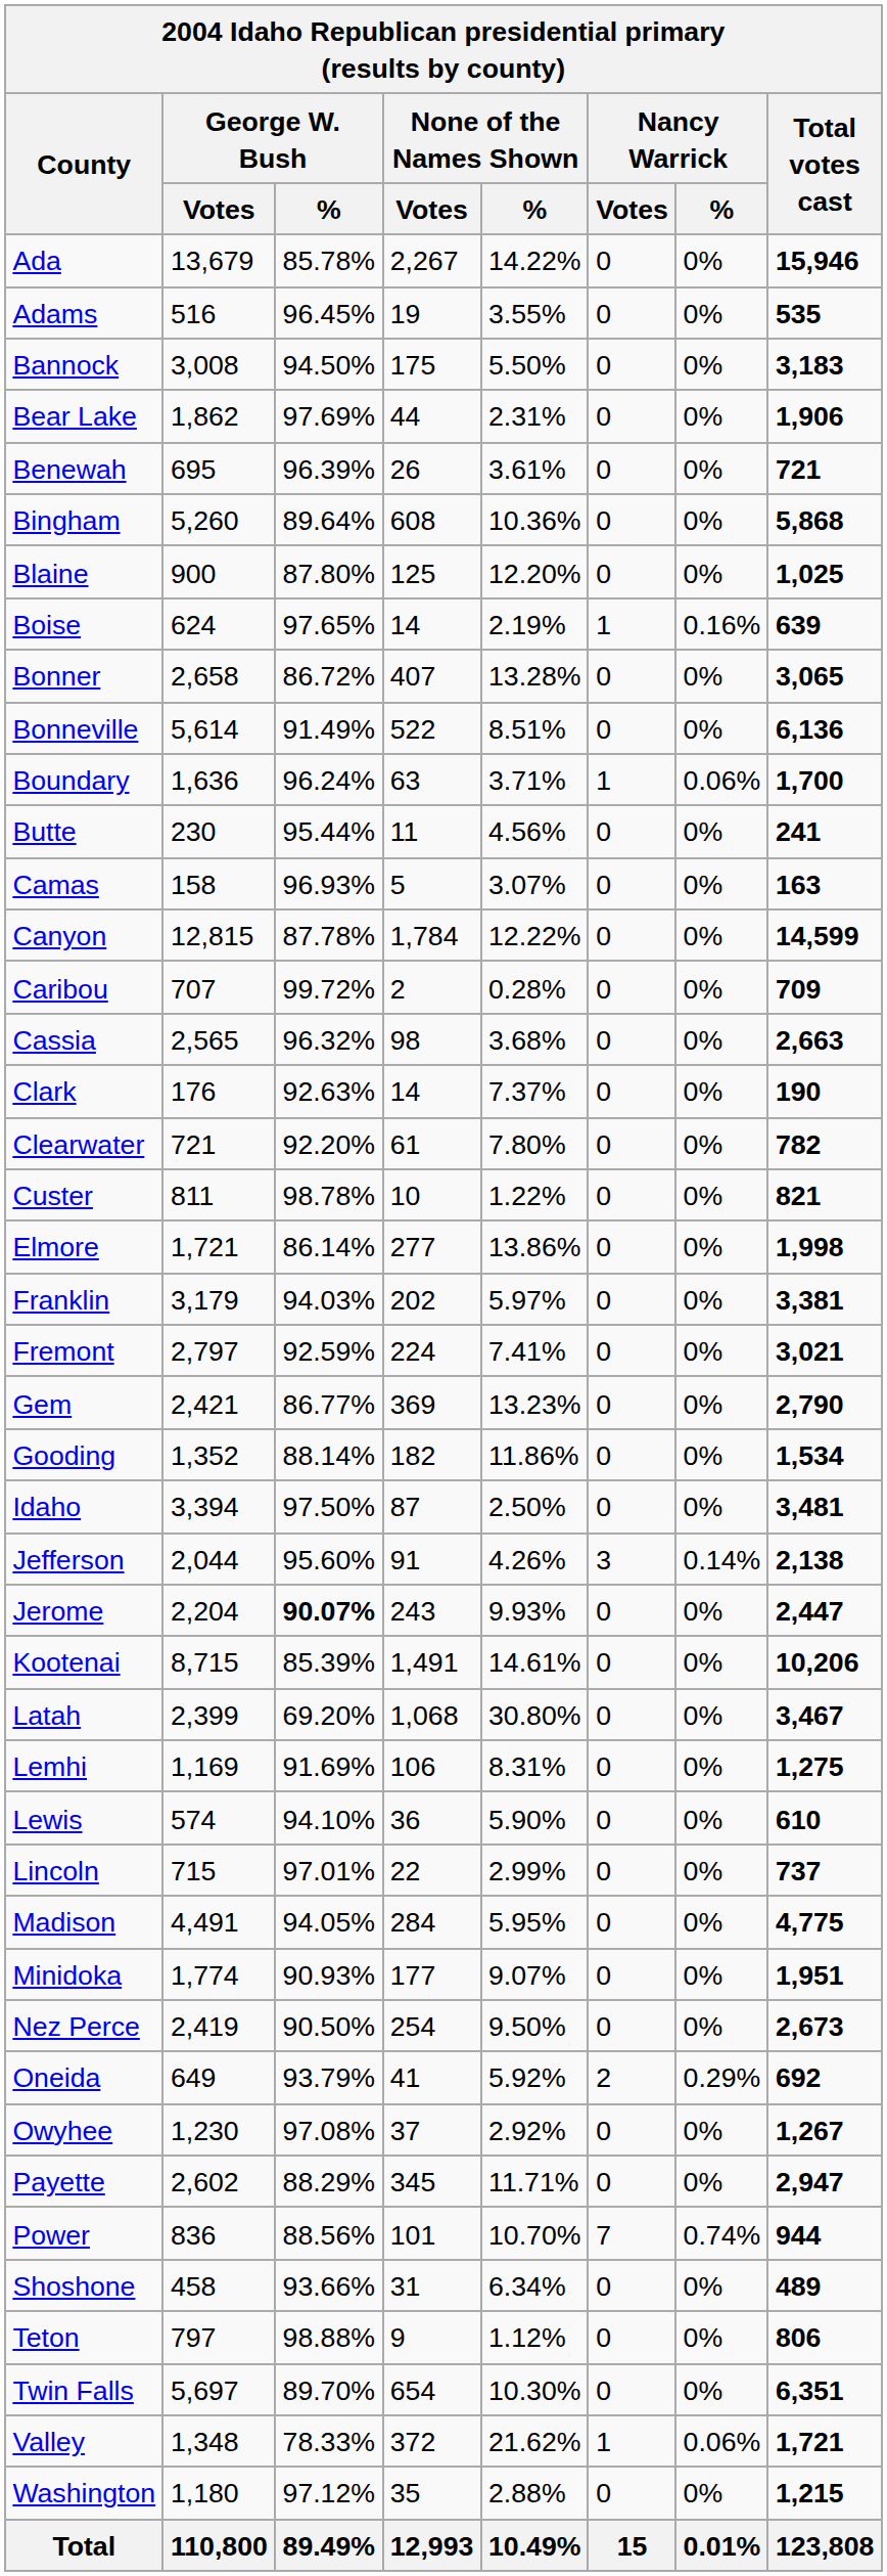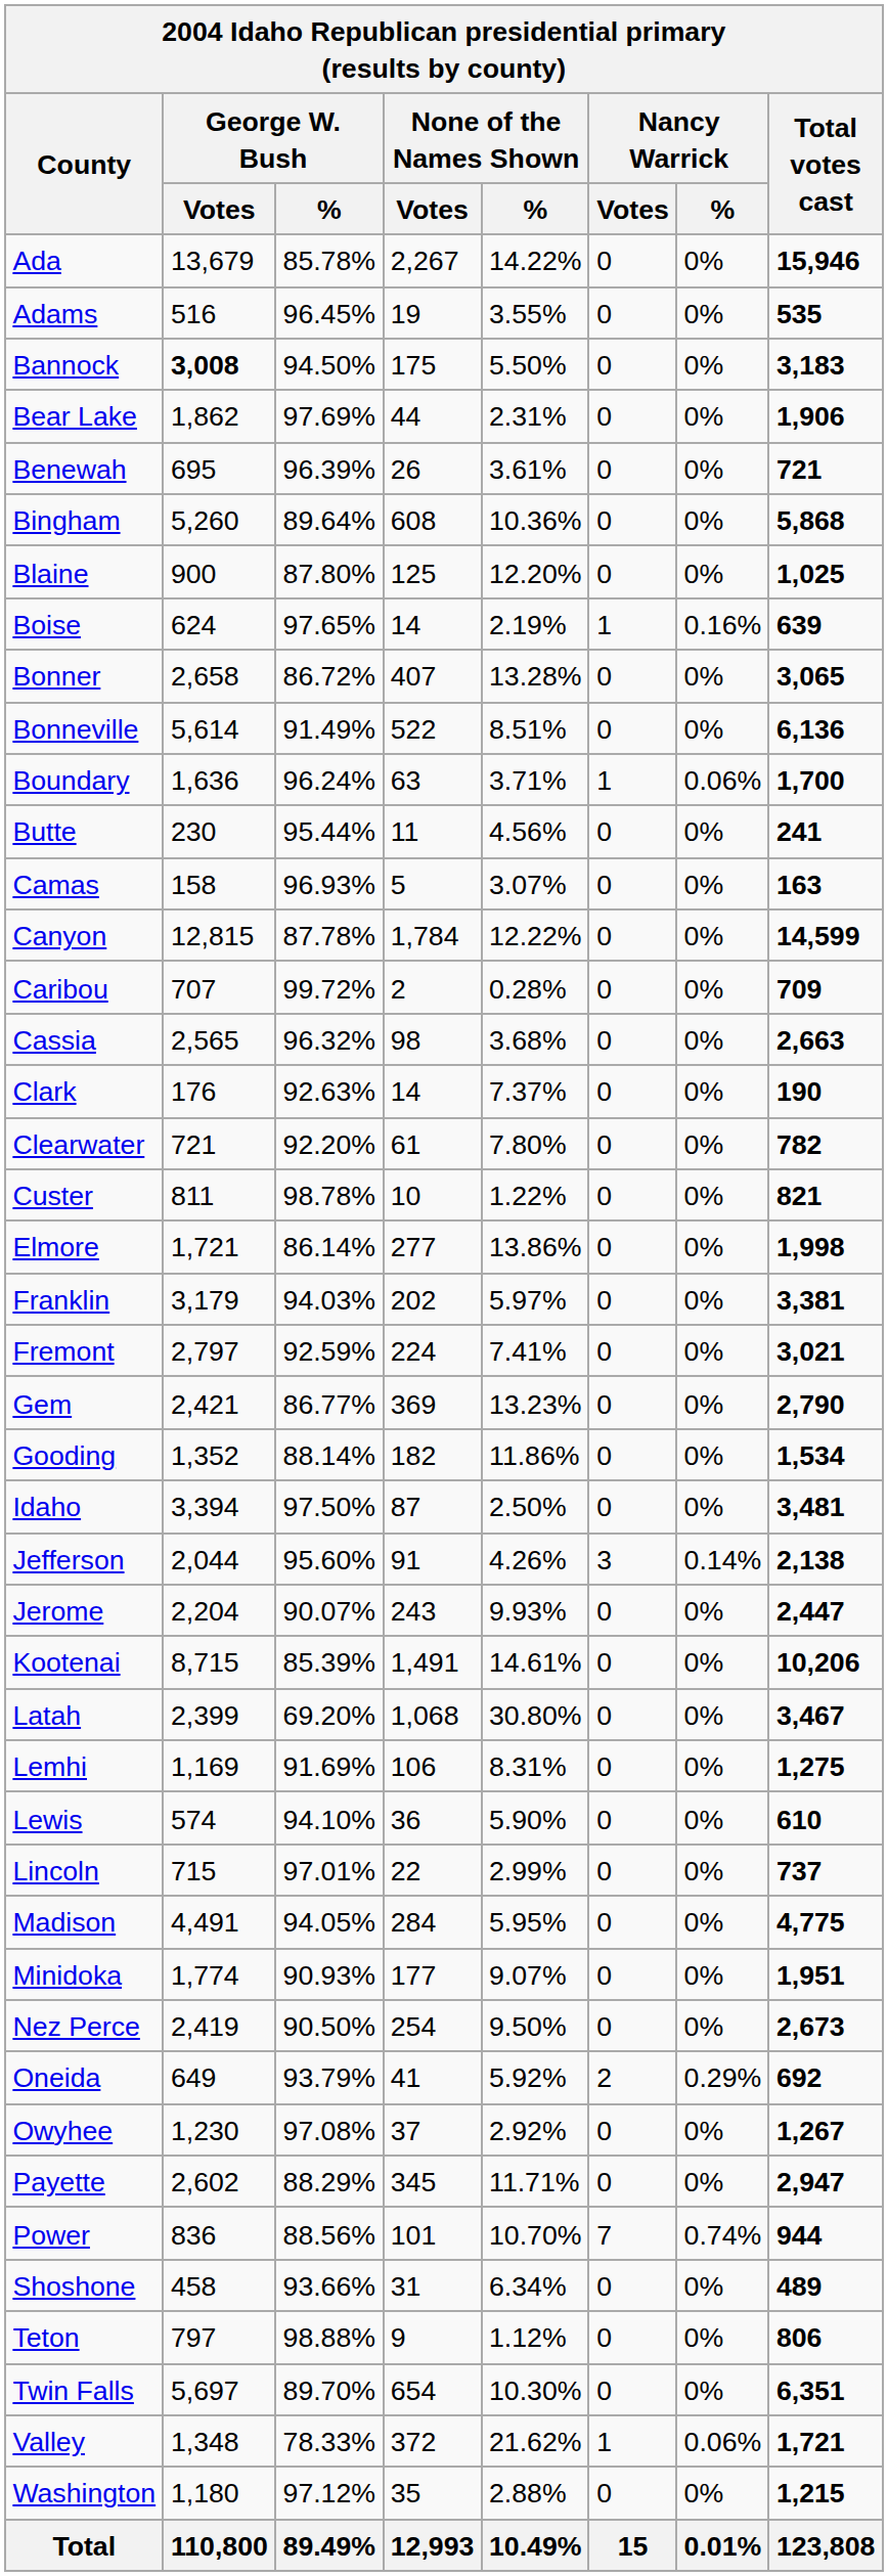 <table class="wikitable sortable mw-collapsible mw-collapsed">
 <tr>
 <th colspan="8"><small>2004 Idaho Republican presidential primary<br>(results by county)</small></th>
 </tr>
 <tr>
 <th rowspan="2"><small>County</small></th>
 <th colspan="2"><small>George W.<br>Bush</small></th>
 <th colspan="2"><small>None of the<br>Names Shown</small></th>
 <th colspan="2"><small>Nancy<br>Warrick</small></th>
 <th rowspan="2"><small>Total<br>votes<br>cast</small></th>
 </tr>
 <tr>
 <th><small>Votes</small></th>
 <th><small>%</small></th>
 <th><small>Votes</small></th>
 <th><small>%</small></th>
 <th><small>Votes</small></th>
 <th><small>%</small></th>
 </tr>
 <tr>
 <td><small><a href='#'>Ada</a></small></td>
 <td><small>13,679</small></td>
 <td><small>85.78%</small></td>
 <td><small>2,267</small></td>
 <td><small>14.22%</small></td>
 <td><small>0</small></td>
 <td><small>0%</small></td>
 <td><strong><small>15,946</small></strong></td>
 </tr>
 <tr>
 <td><small><a href='#'>Adams</a></small></td>
 <td><small>516</small></td>
 <td><small>96.45%</small></td>
 <td><small>19</small></td>
 <td><small>3.55%</small></td>
 <td><small>0</small></td>
 <td><small>0%</small></td>
 <td><strong><small>535</small></strong></td>
 </tr>
 <tr>
 <td><small><a href='#'>Bannock</a></small></td>
-<td><small>3,008</small></td>
+<td><strong><small>3,008</small></strong></td>
 <td><small>94.50%</small></td>
 <td><small>175</small></td>
 <td><small>5.50%</small></td>
 <td><small>0</small></td>
 <td><small>0%</small></td>
 <td><strong><small>3,183</small></strong></td>
 </tr>
 <tr>
 <td><small><a href='#'>Bear Lake</a></small></td>
 <td><small>1,862</small></td>
 <td><small>97.69%</small></td>
 <td><small>44</small></td>
 <td><small>2.31%</small></td>
 <td><small>0</small></td>
 <td><small>0%</small></td>
 <td><strong><small>1,906</small></strong></td>
 </tr>
 <tr>
 <td><small><a href='#'>Benewah</a></small></td>
 <td><small>695</small></td>
 <td><small>96.39%</small></td>
 <td><small>26</small></td>
 <td><small>3.61%</small></td>
 <td><small>0</small></td>
 <td><small>0%</small></td>
 <td><strong><small>721</small></strong></td>
 </tr>
 <tr>
 <td><small><a href='#'>Bingham</a></small></td>
 <td><small>5,260</small></td>
 <td><small>89.64%</small></td>
 <td><small>608</small></td>
 <td><small>10.36%</small></td>
 <td><small>0</small></td>
 <td><small>0%</small></td>
 <td><strong><small>5,868</small></strong></td>
 </tr>
 <tr>
 <td><small><a href='#'>Blaine</a></small></td>
 <td><small>900</small></td>
 <td><small>87.80%</small></td>
 <td><small>125</small></td>
 <td><small>12.20%</small></td>
 <td><small>0</small></td>
 <td><small>0%</small></td>
 <td><strong><small>1,025</small></strong></td>
 </tr>
 <tr>
 <td><small><a href='#'>Boise</a></small></td>
 <td><small>624</small></td>
 <td><small>97.65%</small></td>
 <td><small>14</small></td>
 <td><small>2.19%</small></td>
 <td><small>1</small></td>
 <td><small>0.16%</small></td>
 <td><strong><small>639</small></strong></td>
 </tr>
 <tr>
 <td><small><a href='#'>Bonner</a></small></td>
 <td><small>2,658</small></td>
 <td><small>86.72%</small></td>
 <td><small>407</small></td>
 <td><small>13.28%</small></td>
 <td><small>0</small></td>
 <td><small>0%</small></td>
 <td><strong><small>3,065</small></strong></td>
 </tr>
 <tr>
 <td><small><a href='#'>Bonneville</a></small></td>
 <td><small>5,614</small></td>
 <td><small>91.49%</small></td>
 <td><small>522</small></td>
 <td><small>8.51%</small></td>
 <td><small>0</small></td>
 <td><small>0%</small></td>
 <td><strong><small>6,136</small></strong></td>
 </tr>
 <tr>
 <td><small><a href='#'>Boundary</a></small></td>
 <td><small>1,636</small></td>
 <td><small>96.24%</small></td>
 <td><small>63</small></td>
 <td><small>3.71%</small></td>
 <td><small>1</small></td>
 <td><small>0.06%</small></td>
 <td><strong><small>1,700</small></strong></td>
 </tr>
 <tr>
 <td><small><a href='#'>Butte</a></small></td>
 <td><small>230</small></td>
 <td><small>95.44%</small></td>
 <td><small>11</small></td>
 <td><small>4.56%</small></td>
 <td><small>0</small></td>
 <td><small>0%</small></td>
 <td><strong><small>241</small></strong></td>
 </tr>
 <tr>
 <td><small><a href='#'>Camas</a></small></td>
 <td><small>158</small></td>
 <td><small>96.93%</small></td>
 <td><small>5</small></td>
 <td><small>3.07%</small></td>
 <td><small>0</small></td>
 <td><small>0%</small></td>
 <td><strong><small>163</small></strong></td>
 </tr>
 <tr>
 <td><small><a href='#'>Canyon</a></small></td>
 <td><small>12,815</small></td>
 <td><small>87.78%</small></td>
 <td><small>1,784</small></td>
 <td><small>12.22%</small></td>
 <td><small>0</small></td>
 <td><small>0%</small></td>
 <td><strong><small>14,599</small></strong></td>
 </tr>
 <tr>
 <td><small><a href='#'>Caribou</a></small></td>
 <td><small>707</small></td>
 <td><small>99.72%</small></td>
 <td><small>2</small></td>
 <td><small>0.28%</small></td>
 <td><small>0</small></td>
 <td><small>0%</small></td>
 <td><strong><small>709</small></strong></td>
 </tr>
 <tr>
 <td><small><a href='#'>Cassia</a></small></td>
 <td><small>2,565</small></td>
 <td><small>96.32%</small></td>
 <td><small>98</small></td>
 <td><small>3.68%</small></td>
 <td><small>0</small></td>
 <td><small>0%</small></td>
 <td><strong><small>2,663</small></strong></td>
 </tr>
 <tr>
 <td><small><a href='#'>Clark</a></small></td>
 <td><small>176</small></td>
 <td><small>92.63%</small></td>
 <td><small>14</small></td>
 <td><small>7.37%</small></td>
 <td><small>0</small></td>
 <td><small>0%</small></td>
 <td><strong><small>190</small></strong></td>
 </tr>
 <tr>
 <td><small><a href='#'>Clearwater</a></small></td>
 <td><small>721</small></td>
 <td><small>92.20%</small></td>
 <td><small>61</small></td>
 <td><small>7.80%</small></td>
 <td><small>0</small></td>
 <td><small>0%</small></td>
 <td><strong><small>782</small></strong></td>
 </tr>
 <tr>
 <td><small><a href='#'>Custer</a></small></td>
 <td><small>811</small></td>
 <td><small>98.78%</small></td>
 <td><small>10</small></td>
 <td><small>1.22%</small></td>
 <td><small>0</small></td>
 <td><small>0%</small></td>
 <td><strong><small>821</small></strong></td>
 </tr>
 <tr>
 <td><small><a href='#'>Elmore</a></small></td>
 <td><small>1,721</small></td>
 <td><small>86.14%</small></td>
 <td><small>277</small></td>
 <td><small>13.86%</small></td>
 <td><small>0</small></td>
 <td><small>0%</small></td>
 <td><strong><small>1,998</small></strong></td>
 </tr>
 <tr>
 <td><small><a href='#'>Franklin</a></small></td>
 <td><small>3,179</small></td>
 <td><small>94.03%</small></td>
 <td><small>202</small></td>
 <td><small>5.97%</small></td>
 <td><small>0</small></td>
 <td><small>0%</small></td>
 <td><strong><small>3,381</small></strong></td>
 </tr>
 <tr>
 <td><small><a href='#'>Fremont</a></small></td>
 <td><small>2,797</small></td>
 <td><small>92.59%</small></td>
 <td><small>224</small></td>
 <td><small>7.41%</small></td>
 <td><small>0</small></td>
 <td><small>0%</small></td>
 <td><strong><small>3,021</small></strong></td>
 </tr>
 <tr>
 <td><small><a href='#'>Gem</a></small></td>
 <td><small>2,421</small></td>
 <td><small>86.77%</small></td>
 <td><small>369</small></td>
 <td><small>13.23%</small></td>
 <td><small>0</small></td>
 <td><small>0%</small></td>
 <td><strong><small>2,790</small></strong></td>
 </tr>
 <tr>
 <td><small><a href='#'>Gooding</a></small></td>
 <td><small>1,352</small></td>
 <td><small>88.14%</small></td>
 <td><small>182</small></td>
 <td><small>11.86%</small></td>
 <td><small>0</small></td>
 <td><small>0%</small></td>
 <td><strong><small>1,534</small></strong></td>
 </tr>
 <tr>
 <td><small><a href='#'>Idaho</a></small></td>
 <td><small>3,394</small></td>
 <td><small>97.50%</small></td>
 <td><small>87</small></td>
 <td><small>2.50%</small></td>
 <td><small>0</small></td>
 <td><small>0%</small></td>
 <td><strong><small>3,481</small></strong></td>
 </tr>
 <tr>
 <td><small><a href='#'>Jefferson</a></small></td>
 <td><small>2,044</small></td>
 <td><small>95.60%</small></td>
 <td><small>91</small></td>
 <td><small>4.26%</small></td>
 <td><small>3</small></td>
 <td><small>0.14%</small></td>
 <td><strong><small>2,138</small></strong></td>
 </tr>
 <tr>
 <td><small><a href='#'>Jerome</a></small></td>
 <td><small>2,204</small></td>
-<td><strong><small>90.07%</small></strong></td>
+<td><small>90.07%</small></td>
 <td><small>243</small></td>
 <td><small>9.93%</small></td>
 <td><small>0</small></td>
 <td><small>0%</small></td>
 <td><strong><small>2,447</small></strong></td>
 </tr>
 <tr>
 <td><small><a href='#'>Kootenai</a></small></td>
 <td><small>8,715</small></td>
 <td><small>85.39%</small></td>
 <td><small>1,491</small></td>
 <td><small>14.61%</small></td>
 <td><small>0</small></td>
 <td><small>0%</small></td>
 <td><strong><small>10,206</small></strong></td>
 </tr>
 <tr>
 <td><small><a href='#'>Latah</a></small></td>
 <td><small>2,399</small></td>
 <td><small>69.20%</small></td>
 <td><small>1,068</small></td>
 <td><small>30.80%</small></td>
 <td><small>0</small></td>
 <td><small>0%</small></td>
 <td><strong><small>3,467</small></strong></td>
 </tr>
 <tr>
 <td><small><a href='#'>Lemhi</a></small></td>
 <td><small>1,169</small></td>
 <td><small>91.69%</small></td>
 <td><small>106</small></td>
 <td><small>8.31%</small></td>
 <td><small>0</small></td>
 <td><small>0%</small></td>
 <td><strong><small>1,275</small></strong></td>
 </tr>
 <tr>
 <td><small><a href='#'>Lewis</a></small></td>
 <td><small>574</small></td>
 <td><small>94.10%</small></td>
 <td><small>36</small></td>
 <td><small>5.90%</small></td>
 <td><small>0</small></td>
 <td><small>0%</small></td>
 <td><strong><small>610</small></strong></td>
 </tr>
 <tr>
 <td><small><a href='#'>Lincoln</a></small></td>
 <td><small>715</small></td>
 <td><small>97.01%</small></td>
 <td><small>22</small></td>
 <td><small>2.99%</small></td>
 <td><small>0</small></td>
 <td><small>0%</small></td>
 <td><strong><small>737</small></strong></td>
 </tr>
 <tr>
 <td><small><a href='#'>Madison</a></small></td>
 <td><small>4,491</small></td>
 <td><small>94.05%</small></td>
 <td><small>284</small></td>
 <td><small>5.95%</small></td>
 <td><small>0</small></td>
 <td><small>0%</small></td>
 <td><strong><small>4,775</small></strong></td>
 </tr>
 <tr>
 <td><small><a href='#'>Minidoka</a></small></td>
 <td><small>1,774</small></td>
 <td><small>90.93%</small></td>
 <td><small>177</small></td>
 <td><small>9.07%</small></td>
 <td><small>0</small></td>
 <td><small>0%</small></td>
 <td><strong><small>1,951</small></strong></td>
 </tr>
 <tr>
 <td><small><a href='#'>Nez Perce</a></small></td>
 <td><small>2,419</small></td>
 <td><small>90.50%</small></td>
 <td><small>254</small></td>
 <td><small>9.50%</small></td>
 <td><small>0</small></td>
 <td><small>0%</small></td>
 <td><strong><small>2,673</small></strong></td>
 </tr>
 <tr>
 <td><small><a href='#'>Oneida</a></small></td>
 <td><small>649</small></td>
 <td><small>93.79%</small></td>
 <td><small>41</small></td>
 <td><small>5.92%</small></td>
 <td><small>2</small></td>
 <td><small>0.29%</small></td>
 <td><strong><small>692</small></strong></td>
 </tr>
 <tr>
 <td><small><a href='#'>Owyhee</a></small></td>
 <td><small>1,230</small></td>
 <td><small>97.08%</small></td>
 <td><small>37</small></td>
 <td><small>2.92%</small></td>
 <td><small>0</small></td>
 <td><small>0%</small></td>
 <td><strong><small>1,267</small></strong></td>
 </tr>
 <tr>
 <td><small><a href='#'>Payette</a></small></td>
 <td><small>2,602</small></td>
 <td><small>88.29%</small></td>
 <td><small>345</small></td>
 <td><small>11.71%</small></td>
 <td><small>0</small></td>
 <td><small>0%</small></td>
 <td><strong><small>2,947</small></strong></td>
 </tr>
 <tr>
 <td><small><a href='#'>Power</a></small></td>
 <td><small>836</small></td>
 <td><small>88.56%</small></td>
 <td><small>101</small></td>
 <td><small>10.70%</small></td>
 <td><small>7</small></td>
 <td><small>0.74%</small></td>
 <td><strong><small>944</small></strong></td>
 </tr>
 <tr>
 <td><small><a href='#'>Shoshone</a></small></td>
 <td><small>458</small></td>
 <td><small>93.66%</small></td>
 <td><small>31</small></td>
 <td><small>6.34%</small></td>
 <td><small>0</small></td>
 <td><small>0%</small></td>
 <td><strong><small>489</small></strong></td>
 </tr>
 <tr>
 <td><small><a href='#'>Teton</a></small></td>
 <td><small>797</small></td>
 <td><small>98.88%</small></td>
 <td><small>9</small></td>
 <td><small>1.12%</small></td>
 <td><small>0</small></td>
 <td><small>0%</small></td>
 <td><strong><small>806</small></strong></td>
 </tr>
 <tr>
 <td><small><a href='#'>Twin Falls</a></small></td>
 <td><small>5,697</small></td>
 <td><small>89.70%</small></td>
 <td><small>654</small></td>
 <td><small>10.30%</small></td>
 <td><small>0</small></td>
 <td><small>0%</small></td>
 <td><strong><small>6,351</small></strong></td>
 </tr>
 <tr>
 <td><small><a href='#'>Valley</a></small></td>
 <td><small>1,348</small></td>
 <td><small>78.33%</small></td>
 <td><small>372</small></td>
 <td><small>21.62%</small></td>
 <td><small>1</small></td>
 <td><small>0.06%</small></td>
 <td><strong><small>1,721</small></strong></td>
 </tr>
 <tr>
 <td><small><a href='#'>Washington</a></small></td>
 <td><small>1,180</small></td>
 <td><small>97.12%</small></td>
 <td><small>35</small></td>
 <td><small>2.88%</small></td>
 <td><small>0</small></td>
 <td><small>0%</small></td>
 <td><strong><small>1,215</small></strong></td>
 </tr>
 <tr>
 <th><strong><small>Total</small></strong></th>
 <th><strong><small>110,800</small></strong></th>
 <th><strong><small>89.49%</small></strong></th>
 <th><strong><small>12,993</small></strong></th>
 <th><strong><small>10.49%</small></strong></th>
 <th><strong><small>15</small></strong></th>
 <th><strong><small>0.01%</small></strong></th>
 <th><strong><small>123,808</small></strong></th>
 </tr>
 </table>
